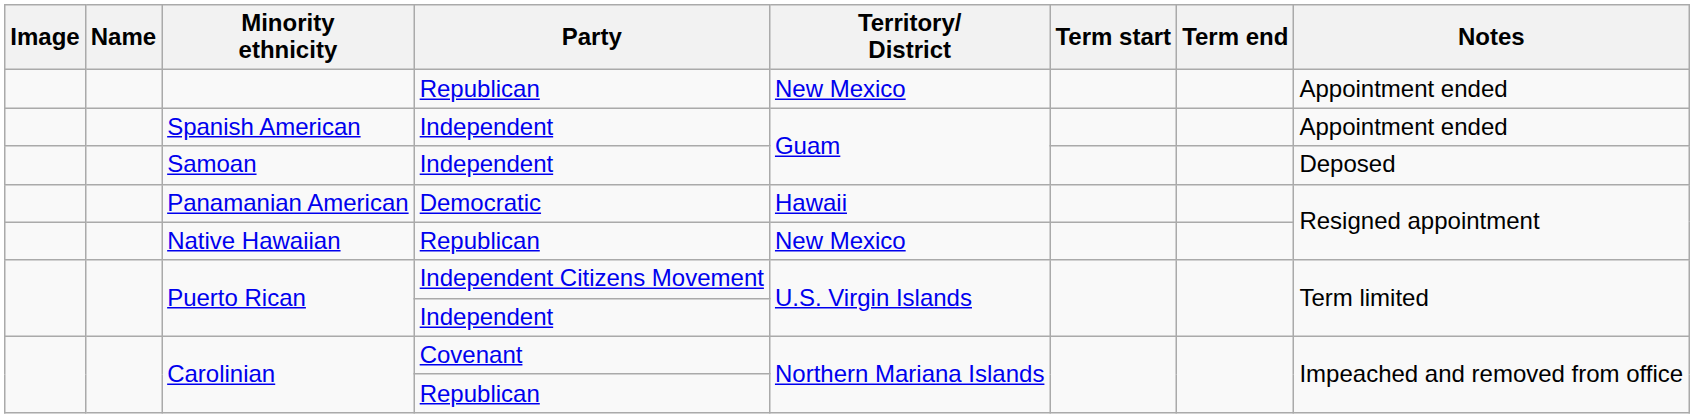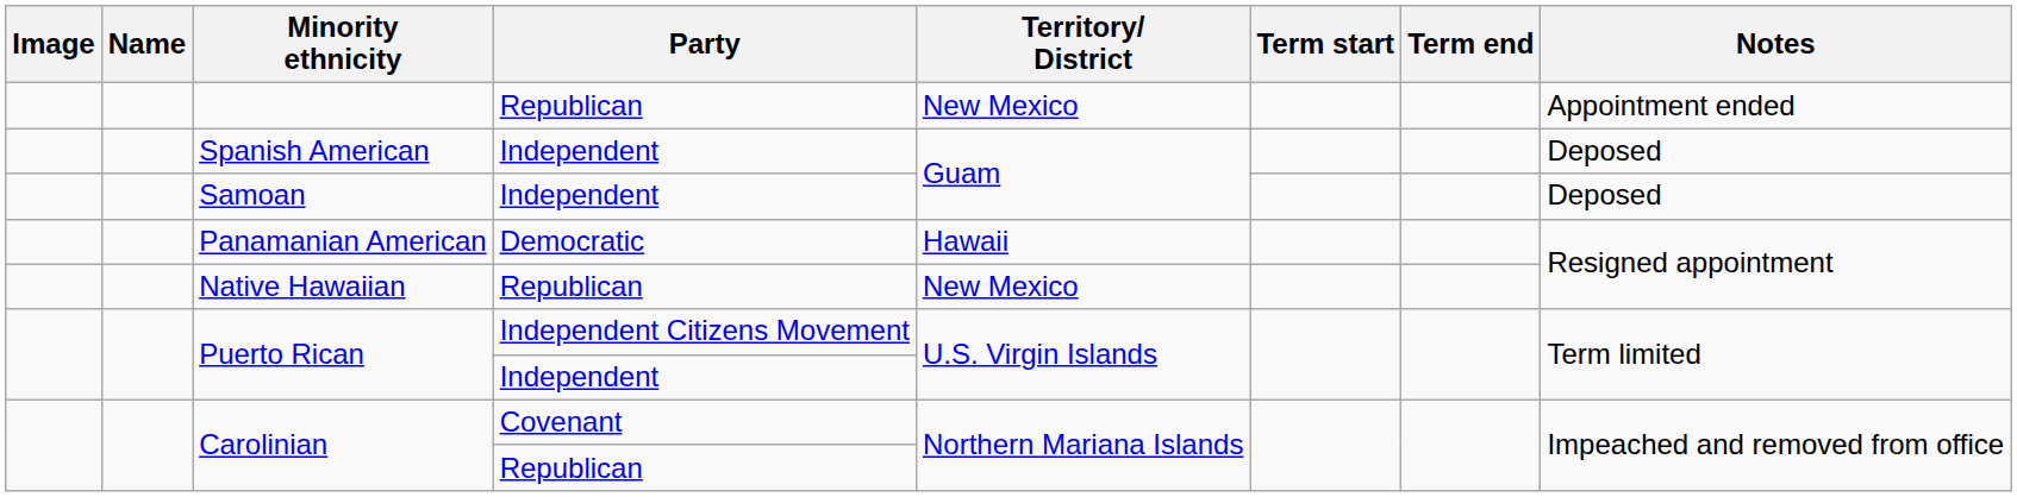 <table class="wikitable sortable">
 <tr>
 <th>Image</th>
 <th>Name</th>
 <th>Minority<br>ethnicity</th>
 <th>Party</th>
 <th>Territory/<br>District</th>
 <th>Term start</th>
 <th>Term end</th>
 <th>Notes</th>
 </tr>
 <tr>
 <td></td>
 <td><br></td>
 <td></td>
 <td><a href='#'>Republican</a></td>
 <td><a href='#'>New Mexico</a></td>
 <td></td>
 <td></td>
 <td>Appointment ended</td>
 </tr>
 <tr>
 <td></td>
 <td><br></td>
 <td><a href='#'>Spanish American</a></td>
 <td><a href='#'>Independent</a></td>
 <td rowspan="2"><a href='#'>Guam</a></td>
 <td></td>
 <td></td>
-<td>Appointment ended</td>
+<td>Deposed</td>
 </tr>
 <tr>
 <td></td>
 <td><br></td>
 <td><a href='#'>Samoan</a></td>
 <td><a href='#'>Independent</a></td>
 <td></td>
 <td></td>
 <td>Deposed</td>
 </tr>
 <tr>
 <td></td>
 <td><br></td>
 <td><a href='#'>Panamanian American</a></td>
 <td><a href='#'>Democratic</a></td>
 <td><a href='#'>Hawaii</a></td>
 <td></td>
 <td></td>
 <td rowspan="2">Resigned appointment</td>
 </tr>
 <tr>
 <td></td>
 <td><br></td>
 <td><a href='#'>Native Hawaiian</a></td>
 <td><a href='#'>Republican</a></td>
 <td><a href='#'>New Mexico</a></td>
 <td></td>
 <td></td>
 </tr>
 <tr>
 <td rowspan=2></td>
 <td rowspan=2><br></td>
 <td rowspan=2><a href='#'>Puerto Rican</a></td>
 <td style="background:"><a href='#'>Independent Citizens Movement</a> </td>
 <td rowspan=2><a href='#'>U.S. Virgin Islands</a></td>
 <td rowspan=2></td>
 <td rowspan=2></td>
 <td rowspan=2>Term limited</td>
 </tr>
 <tr>
 <td><a href='#'>Independent</a> </td>
 </tr>
 <tr>
 <td rowspan=2></td>
 <td rowspan=2><br></td>
 <td rowspan=2><a href='#'>Carolinian</a></td>
 <td><a href='#'>Covenant</a> </td>
 <td rowspan=2><a href='#'>Northern Mariana Islands</a></td>
 <td rowspan=2></td>
 <td rowspan=2></td>
 <td rowspan=2>Impeached and removed from office</td>
 </tr>
 <tr>
 <td><a href='#'>Republican</a> </td>
 </tr>
 </table>
